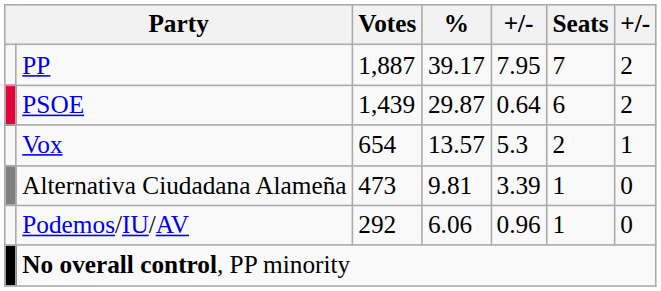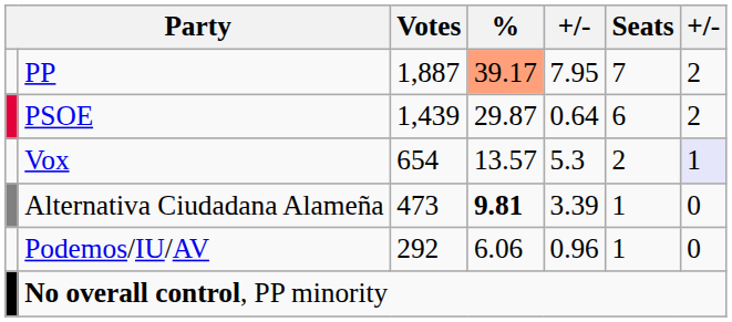 <table class="wikitable">
 <tr>
 <th colspan="2">Party</th>
 <th>Votes</th>
 <th>%</th>
 <th>+/-</th>
 <th>Seats</th>
 <th>+/-</th>
 </tr>
 <tr>
 <td></td>
 <td><a href='#'>PP</a></td>
 <td>1,887</td>
-<td>39.17</td>
+<td style="background: lightsalmon;">39.17</td>
 <td> 7.95</td>
 <td>7</td>
 <td> 2</td>
 </tr>
 <tr>
 <td bgcolor="#E4003B"></td>
 <td><a href='#'>PSOE</a></td>
 <td>1,439</td>
 <td>29.87</td>
 <td> 0.64</td>
 <td>6</td>
 <td> 2</td>
 </tr>
 <tr>
 <td></td>
 <td><a href='#'>Vox</a></td>
 <td>654</td>
 <td>13.57</td>
 <td> 5.3</td>
 <td>2</td>
-<td> 1</td>
+<td style="background: lavender;"> 1</td>
 </tr>
 <tr>
 <td bgcolor="grey"></td>
 <td>Alternativa Ciudadana Alameña</td>
 <td>473</td>
-<td>9.81</td>
+<td><strong>9.81</strong></td>
 <td> 3.39</td>
 <td>1</td>
 <td> 0</td>
 </tr>
 <tr>
 <td></td>
 <td><a href='#'>Podemos</a>/<a href='#'>IU</a>/<a href='#'>AV</a></td>
 <td>292</td>
 <td>6.06</td>
 <td> 0.96</td>
 <td>1</td>
 <td> 0</td>
 </tr>
 <tr>
 <td bgcolor="black"></td>
 <td colspan="6"><strong>No overall control</strong>, PP minority</td>
 </tr>
 </table>
